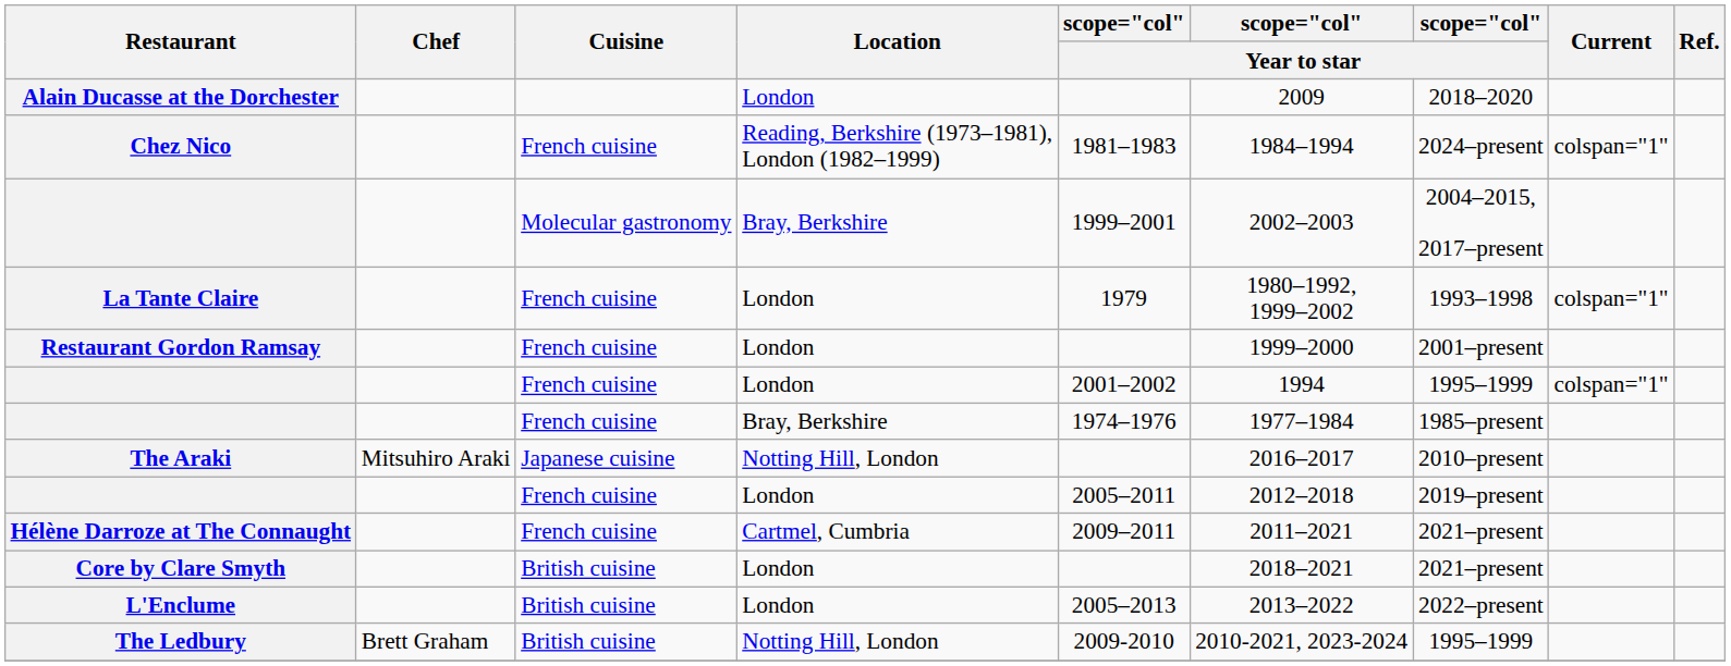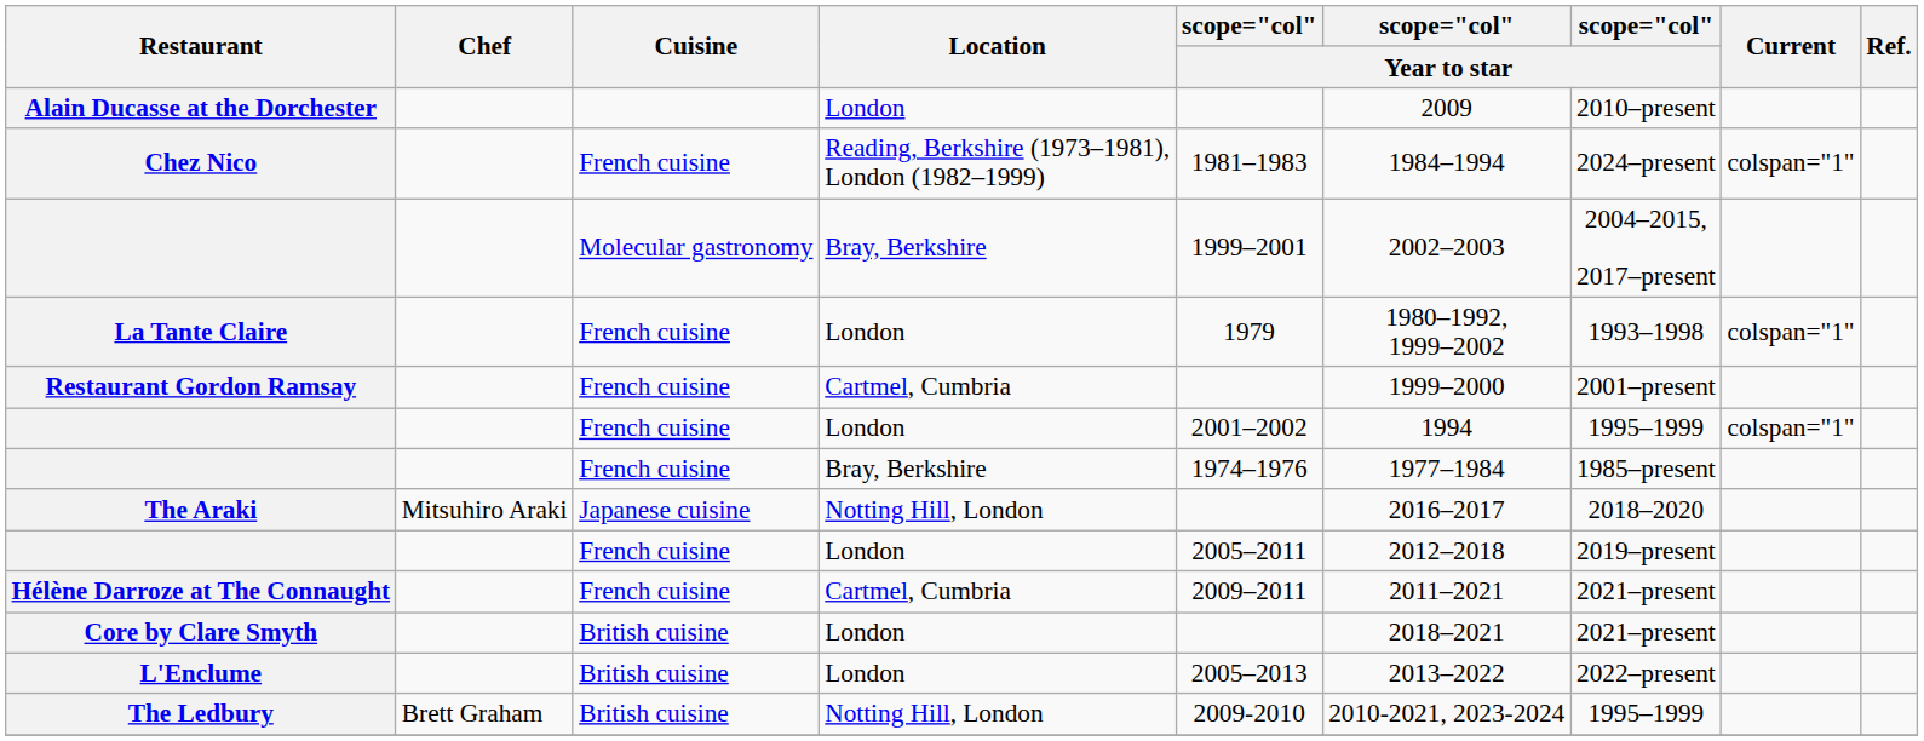 <table class="wikitable sortable plainrowheaders">
 <tr>
 <th scope="col" rowspan="2">Restaurant</th>
 <th scope="col" rowspan="2">Chef</th>
 <th scope="col" rowspan="2">Cuisine</th>
 <th scope="col" rowspan="2">Location</th>
 <th>scope="col" </th>
 <th>scope="col" </th>
 <th>scope="col" </th>
 <th scope="col" rowspan="2">Current</th>
 <th scope="col" class="unsortable" rowspan="2">Ref.</th>
 </tr>
 <tr class="unsortable">
 <th scope="col" colspan="3">Year to star</th>
 </tr>
 <tr>
 <th scope="row"><a href='#'>Alain Ducasse at the Dorchester</a></th>
 <td></td>
 <td></td>
 <td><a href='#'>London</a></td>
 <td></td>
 <td align=center>2009</td>
-<td align=center>2018–2020</td>
+<td align=center>2010–present</td>
 <td></td>
 <td align=center></td>
 </tr>
 <tr>
 <th scope="row"><a href='#'>Chez Nico</a></th>
 <td></td>
 <td><a href='#'>French cuisine</a></td>
 <td><a href='#'>Reading, Berkshire</a> (1973–1981),<br>London (1982–1999)</td>
 <td align=center>1981–1983</td>
 <td align=center>1984–1994</td>
 <td align=center>2024–present</td>
 <td>colspan="1" </td>
 <td align=center></td>
 </tr>
 <tr>
 <th scope="row"></th>
 <td></td>
 <td><a href='#'>Molecular gastronomy</a></td>
 <td><a href='#'>Bray, Berkshire</a></td>
 <td align=center>1999–2001</td>
 <td align=center>2002–2003</td>
 <td align=center>2004–2015,<br><br>2017–present</td>
 <td></td>
 <td align=center></td>
 </tr>
 <tr>
 <th scope="row"><a href='#'>La Tante Claire</a></th>
 <td></td>
 <td><a href='#'>French cuisine</a></td>
 <td>London</td>
 <td align=center>1979</td>
 <td align=center>1980–1992,<br>1999–2002</td>
 <td align=center>1993–1998</td>
 <td>colspan="1" </td>
 <td align=center></td>
 </tr>
 <tr>
 <th scope="row"><a href='#'>Restaurant Gordon Ramsay</a></th>
 <td></td>
 <td><a href='#'>French cuisine</a></td>
-<td>London</td>
+<td><a href='#'>Cartmel</a>, Cumbria</td>
 <td align=center></td>
 <td align=center>1999–2000</td>
 <td align=center>2001–present</td>
 <td></td>
 <td align=center></td>
 </tr>
 <tr>
 <th scope="row"></th>
 <td></td>
 <td><a href='#'>French cuisine</a></td>
 <td>London</td>
 <td align=center>2001–2002</td>
 <td align=center>1994</td>
 <td align=center>1995–1999</td>
 <td>colspan="1" </td>
 <td align=center></td>
 </tr>
 <tr>
 <th scope="row"></th>
 <td></td>
 <td><a href='#'>French cuisine</a></td>
 <td>Bray, Berkshire</td>
 <td align=center>1974–1976</td>
 <td align=center>1977–1984</td>
 <td align=center>1985–present</td>
 <td></td>
 <td align=center></td>
 </tr>
 <tr>
 <th scope="row"><a href='#'>The Araki</a></th>
 <td>Mitsuhiro Araki</td>
 <td><a href='#'>Japanese cuisine</a></td>
 <td><a href='#'>Notting Hill</a>, London</td>
 <td align=center></td>
 <td align=center>2016–2017</td>
-<td align=center>2010–present</td>
+<td align=center>2018–2020</td>
 <td></td>
 <td align=center></td>
 </tr>
 <tr>
 <th scope="row"></th>
 <td></td>
 <td><a href='#'>French cuisine</a></td>
 <td>London</td>
 <td align=center>2005–2011</td>
 <td align=center>2012–2018</td>
 <td align=center>2019–present</td>
 <td></td>
 <td align=center></td>
 </tr>
 <tr>
 <th scope="row"><a href='#'>Hélène Darroze at The Connaught</a></th>
 <td></td>
 <td><a href='#'>French cuisine</a></td>
 <td><a href='#'>Cartmel</a>, Cumbria</td>
 <td align=center>2009–2011</td>
 <td align=center>2011–2021</td>
 <td align=center>2021–present</td>
 <td></td>
 <td align=center></td>
 </tr>
 <tr>
 <th scope="row"><a href='#'>Core by Clare Smyth</a></th>
 <td></td>
 <td><a href='#'>British cuisine</a></td>
 <td>London</td>
 <td align=center></td>
 <td align=center>2018–2021</td>
 <td align=center>2021–present</td>
 <td></td>
 <td align=center></td>
 </tr>
 <tr>
 <th scope="row"><a href='#'>L'Enclume</a></th>
 <td></td>
 <td><a href='#'>British cuisine</a></td>
 <td>London</td>
 <td align=center>2005–2013</td>
 <td align=center>2013–2022</td>
 <td align=center>2022–present</td>
 <td></td>
 <td align=center></td>
 </tr>
 <tr>
 <th scope="row"><a href='#'>The Ledbury</a></th>
 <td>Brett Graham</td>
 <td><a href='#'>British cuisine</a></td>
 <td><a href='#'>Notting Hill</a>, London</td>
 <td align=center>2009-2010</td>
 <td align=center>2010-2021, 2023-2024</td>
 <td align=center>1995–1999</td>
 <td></td>
 <td align=center></td>
 </tr>
 <tr>
 </tr>
 </table>
